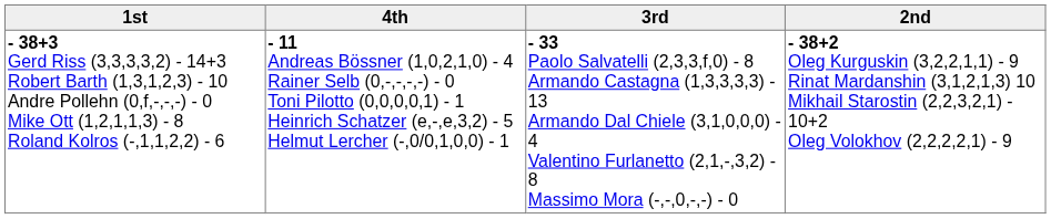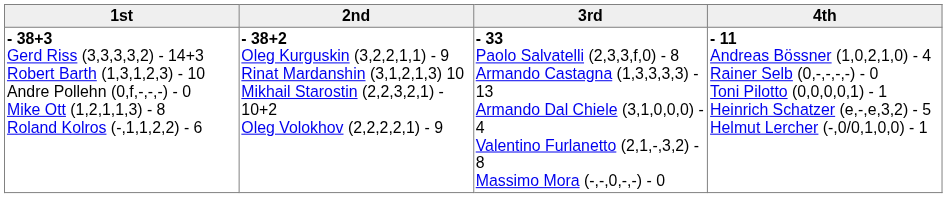 <table border=1 cellpadding=2 cellspacing=0 width=75% style="border-collapse:collapse">
 <tr align=center style="background:#efefef;">
 <th width=20% >1st</th>
+<th width=20% >2nd</th>
+<th width=20% >3rd</th>
 <th width=20%>4th</th>
-<th width=20% >3rd</th>
-<th width=20% >2nd</th>
 </tr>
 <tr align=center>
 <td valign=top align=left ><strong> - 38+3</strong><br><a href='#'>Gerd Riss</a> (3,3,3,3,2) - 14+3<br><a href='#'>Robert Barth</a> (1,3,1,2,3) - 10<br>Andre Pollehn (0,f,-,-,-) - 0<br><a href='#'>Mike Ott</a> (1,2,1,1,3) - 8<br><a href='#'>Roland Kolros</a> (-,1,1,2,2) - 6</td>
+<td valign=top align=left ><strong> - 38+2</strong><br><a href='#'>Oleg Kurguskin</a> (3,2,2,1,1) - 9<br><a href='#'>Rinat Mardanshin</a> (3,1,2,1,3) 10<br><a href='#'>Mikhail Starostin</a> (2,2,3,2,1) - 10+2<br><a href='#'>Oleg Volokhov</a> (2,2,2,2,1) - 9</td>
+<td valign=top align=left ><strong> - 33</strong><br><a href='#'>Paolo Salvatelli</a> (2,3,3,f,0) - 8<br><a href='#'>Armando Castagna</a> (1,3,3,3,3) - 13<br><a href='#'>Armando Dal Chiele</a> (3,1,0,0,0) - 4<br><a href='#'>Valentino Furlanetto</a> (2,1,-,3,2) - 8<br><a href='#'>Massimo Mora</a> (-,-,0,-,-) - 0</td>
 <td valign=top align=left ><strong> - 11</strong><br><a href='#'>Andreas Bössner</a> (1,0,2,1,0) - 4<br><a href='#'>Rainer Selb</a> (0,-,-,-,-) - 0<br><a href='#'>Toni Pilotto</a> (0,0,0,0,1) - 1<br><a href='#'>Heinrich Schatzer</a> (e,-,e,3,2) - 5<br><a href='#'>Helmut Lercher</a> (-,0/0,1,0,0) - 1</td>
-<td valign=top align=left ><strong> - 33</strong><br><a href='#'>Paolo Salvatelli</a> (2,3,3,f,0) - 8<br><a href='#'>Armando Castagna</a> (1,3,3,3,3) - 13<br><a href='#'>Armando Dal Chiele</a> (3,1,0,0,0) - 4<br><a href='#'>Valentino Furlanetto</a> (2,1,-,3,2) - 8<br><a href='#'>Massimo Mora</a> (-,-,0,-,-) - 0</td>
-<td valign=top align=left ><strong> - 38+2</strong><br><a href='#'>Oleg Kurguskin</a> (3,2,2,1,1) - 9<br><a href='#'>Rinat Mardanshin</a> (3,1,2,1,3) 10<br><a href='#'>Mikhail Starostin</a> (2,2,3,2,1) - 10+2<br><a href='#'>Oleg Volokhov</a> (2,2,2,2,1) - 9</td>
 </tr>
 </table>
